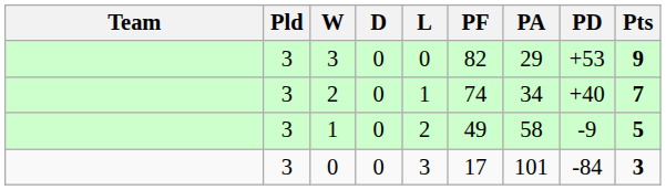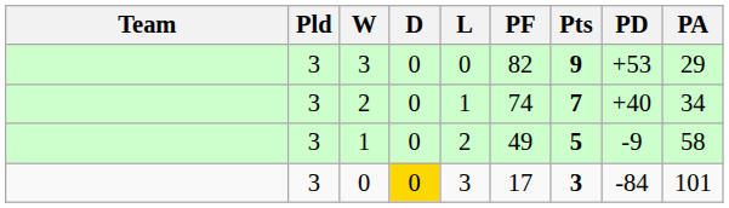 <table class="wikitable" style="text-align:center;">
 <tr>
 <th width=175>Team</th>
 <th width=25 abbr="Played">Pld</th>
 <th width=25 abbr="Won">W</th>
 <th width=25 abbr="Drawn">D</th>
 <th width=25 abbr="Lost">L</th>
 <th width=32 abbr="Points for">PF</th>
+<th width=25 abbr="Points">Pts</th>
+<th width=32 abbr="Points difference">PD</th>
 <th width=32 abbr="Points against">PA</th>
-<th width=32 abbr="Points difference">PD</th>
-<th width=25 abbr="Points">Pts</th>
 </tr>
 <tr bgcolor=ccffcc>
 <td align=left></td>
 <td>3</td>
 <td>3</td>
 <td>0</td>
 <td>0</td>
 <td>82</td>
+<td><strong>9</strong></td>
+<td>+53</td>
 <td>29</td>
-<td>+53</td>
-<td><strong>9</strong></td>
 </tr>
 <tr bgcolor=ccffcc>
 <td align=left></td>
 <td>3</td>
 <td>2</td>
 <td>0</td>
 <td>1</td>
 <td>74</td>
+<td><strong>7</strong></td>
+<td>+40</td>
 <td>34</td>
-<td>+40</td>
-<td><strong>7</strong></td>
 </tr>
 <tr bgcolor=ccffcc>
 <td align=left></td>
 <td>3</td>
 <td>1</td>
 <td>0</td>
 <td>2</td>
 <td>49</td>
+<td><strong>5</strong></td>
+<td>-9</td>
 <td>58</td>
-<td>-9</td>
-<td><strong>5</strong></td>
 </tr>
 <tr>
 <td align=left></td>
 <td>3</td>
 <td>0</td>
-<td>0</td>
+<td style="background: gold;">0</td>
 <td>3</td>
 <td>17</td>
+<td><strong>3</strong></td>
+<td>-84</td>
 <td>101</td>
-<td>-84</td>
-<td><strong>3</strong></td>
 </tr>
 </table>
